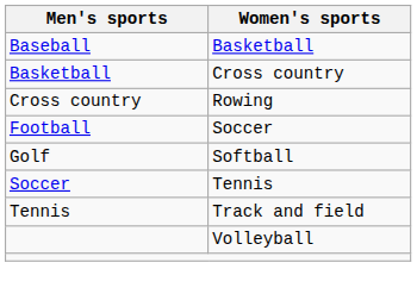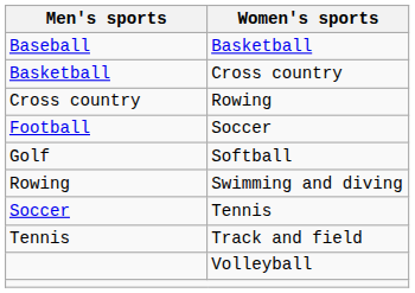 <table class="wikitable">
 <tr>
 <th width=150px>Men's sports</th>
 <th width=150px>Women's sports</th>
 </tr>
 <tr>
 <td><a href='#'>Baseball</a></td>
 <td><a href='#'>Basketball</a></td>
 </tr>
 <tr>
 <td><a href='#'>Basketball</a></td>
 <td>Cross country</td>
 </tr>
 <tr>
 <td>Cross country</td>
 <td>Rowing</td>
 </tr>
 <tr>
 <td><a href='#'>Football</a></td>
 <td>Soccer</td>
 </tr>
 <tr>
 <td>Golf</td>
 <td>Softball</td>
 </tr>
 <tr>
+<td>Rowing</td>
+<td>Swimming and diving</td>
+</tr>
+<tr>
 <td><a href='#'>Soccer</a></td>
 <td>Tennis</td>
 </tr>
 <tr>
 <td>Tennis</td>
 <td>Track and field</td>
 </tr>
 <tr>
 <td></td>
 <td>Volleyball</td>
 </tr>
 <tr>
 <td colspan=2></td>
 </tr>
 </table>
